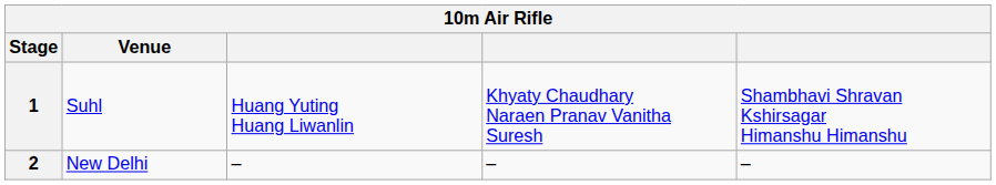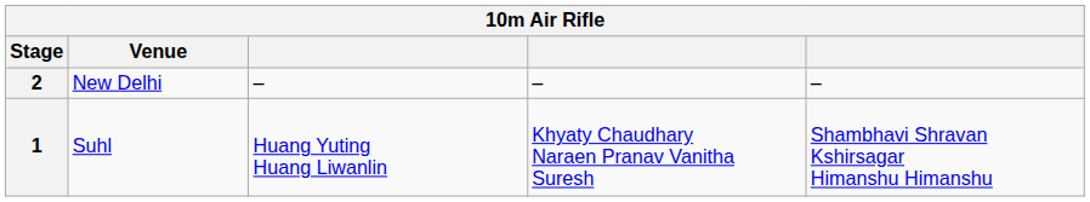 <table class="wikitable">
 <tr>
 <th colspan="5">10m Air Rifle</th>
 </tr>
 <tr>
 <th>Stage</th>
 <th width=140>Venue</th>
 <th width=220></th>
 <th width=220></th>
 <th width=220></th>
 </tr>
 <tr>
+<th>2</th>
+<td> <a href='#'>New Delhi</a></td>
+<td –>–</td>
+<td –>–</td>
+<td –>–</td>
+</tr>
+<tr>
 <th>1</th>
 <td> <a href='#'>Suhl</a></td>
 <td><br><a href='#'>Huang Yuting</a><br><a href='#'>Huang Liwanlin</a></td>
 <td><br><a href='#'>Khyaty Chaudhary</a><br><a href='#'>Naraen Pranav Vanitha Suresh</a></td>
 <td><br><a href='#'>Shambhavi Shravan Kshirsagar</a><br><a href='#'>Himanshu Himanshu</a></td>
 </tr>
-<tr>
-<th>2</th>
-<td> <a href='#'>New Delhi</a></td>
-<td –>–</td>
-<td –>–</td>
-<td –>–</td>
-</tr>
 </table>
